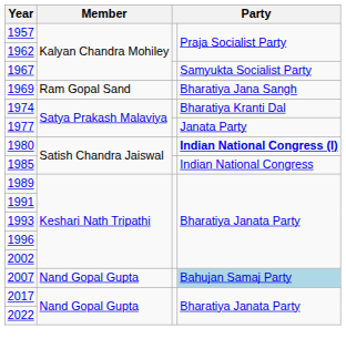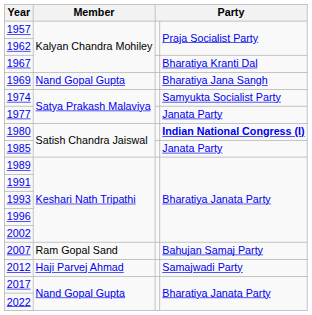 <table class="wikitable">
 <tr>
 <th>Year</th>
 <th>Member</th>
 <th colspan="2">Party</th>
 </tr>
 <tr>
 <td><a href='#'>1957</a></td>
 <td rowspan="3">Kalyan Chandra Mohiley</td>
 <td rowspan="2" style="background-color: "></td>
 <td rowspan="2"><a href='#'>Praja Socialist Party</a></td>
 </tr>
 <tr>
 <td><a href='#'>1962</a></td>
 </tr>
 <tr>
 <td><a href='#'>1967</a></td>
 <td style="background-color: "></td>
-<td><a href='#'>Samyukta Socialist Party</a></td>
+<td><a href='#'>Bharatiya Kranti Dal</a></td>
 </tr>
 <tr>
 <td><a href='#'>1969</a></td>
-<td>Ram Gopal Sand</td>
+<td><a href='#'>Nand Gopal Gupta</a></td>
 <td style="background-color: "></td>
 <td><a href='#'>Bharatiya Jana Sangh</a></td>
 </tr>
 <tr>
 <td><a href='#'>1974</a></td>
 <td rowspan="2"><a href='#'>Satya Prakash Malaviya</a></td>
 <td style="background-color: "></td>
-<td><a href='#'>Bharatiya Kranti Dal</a></td>
+<td><a href='#'>Samyukta Socialist Party</a></td>
 </tr>
 <tr>
 <td><a href='#'>1977</a></td>
 <td style="background-color: "></td>
 <td><a href='#'>Janata Party</a></td>
 </tr>
 <tr>
 <td><a href='#'>1980</a></td>
 <td rowspan="2">Satish Chandra Jaiswal</td>
 <td style="background-color: "></td>
 <td><strong><a href='#'>Indian National Congress (I)</a></strong></td>
 </tr>
 <tr>
 <td><a href='#'>1985</a></td>
 <td style="background-color: "></td>
-<td><a href='#'>Indian National Congress</a></td>
+<td><a href='#'>Janata Party</a></td>
 </tr>
 <tr>
 <td><a href='#'>1989</a></td>
 <td rowspan="5"><a href='#'>Keshari Nath Tripathi</a></td>
 <td rowspan="5" style="background-color: "></td>
 <td rowspan="5"><a href='#'>Bharatiya Janata Party</a></td>
 </tr>
 <tr>
 <td><a href='#'>1991</a></td>
 </tr>
 <tr>
 <td><a href='#'>1993</a></td>
 </tr>
 <tr>
 <td><a href='#'>1996</a></td>
 </tr>
 <tr>
 <td><a href='#'>2002</a></td>
 </tr>
 <tr>
 <td><a href='#'>2007</a></td>
-<td><a href='#'>Nand Gopal Gupta</a></td>
+<td>Ram Gopal Sand</td>
 <td style="background-color: "></td>
-<td style="background: lightblue;"><a href='#'>Bahujan Samaj Party</a></td>
+<td><a href='#'>Bahujan Samaj Party</a></td>
+</tr>
+<tr>
+<td><a href='#'>2012</a></td>
+<td><a href='#'>Haji Parvej Ahmad</a></td>
+<td style="background-color: "></td>
+<td><a href='#'>Samajwadi Party</a></td>
 </tr>
 <tr>
 <td><a href='#'>2017</a></td>
 <td rowspan="2"><a href='#'>Nand Gopal Gupta</a></td>
 <td rowspan="2" style="background-color: "></td>
 <td rowspan="2"><a href='#'>Bharatiya Janata Party</a></td>
 </tr>
 <tr>
 <td><a href='#'>2022</a></td>
 </tr>
 </table>
